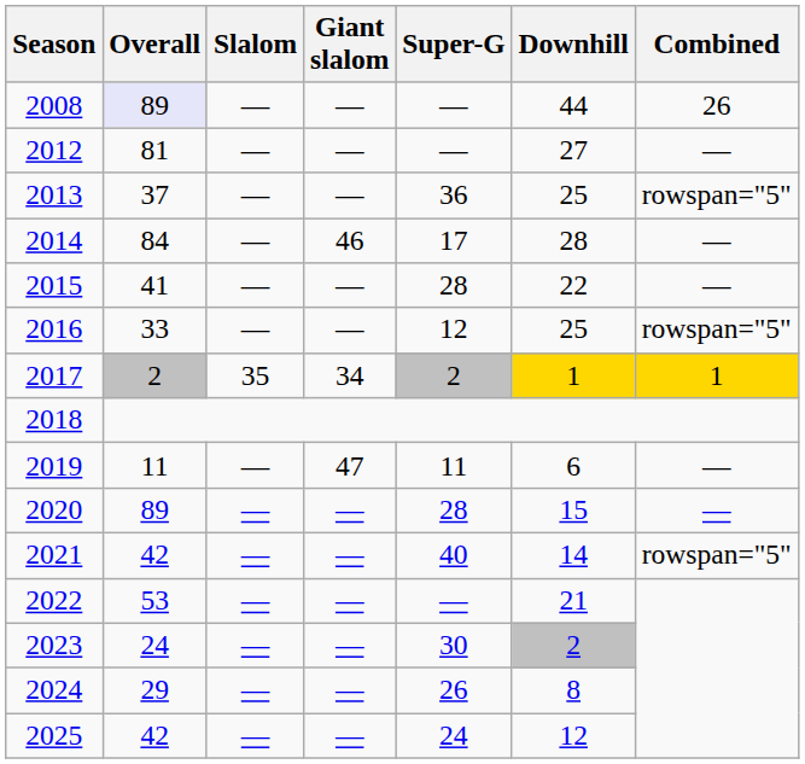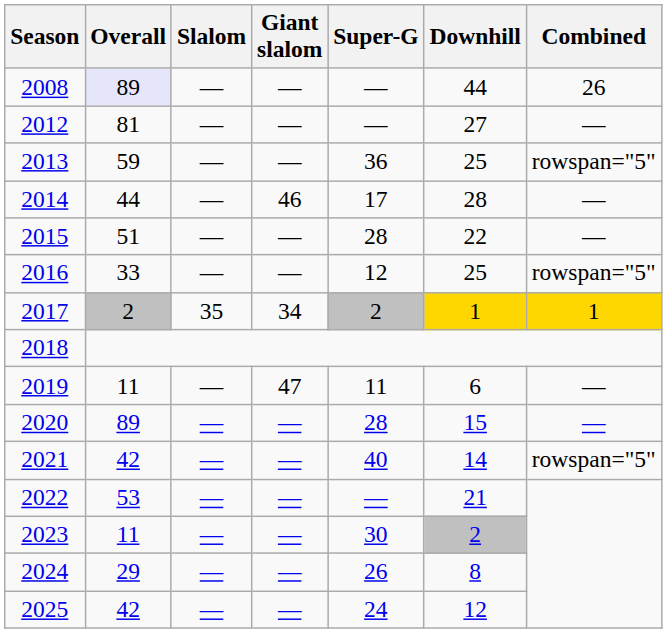 <table class=wikitable style="text-align:center">
 <tr>
 <th>Season</th>
 <th>Overall</th>
 <th>Slalom</th>
 <th>Giant<br>slalom</th>
 <th>Super-G</th>
 <th>Downhill</th>
 <th>Combined</th>
 </tr>
 <tr>
 <td><a href='#'>2008</a></td>
 <td style="background: lavender;">89</td>
 <td>—</td>
 <td>—</td>
 <td>—</td>
 <td>44</td>
 <td>26</td>
 </tr>
 <tr>
 <td><a href='#'>2012</a></td>
 <td>81</td>
 <td>—</td>
 <td>—</td>
 <td>—</td>
 <td>27</td>
 <td>—</td>
 </tr>
 <tr>
 <td><a href='#'>2013</a></td>
-<td>37</td>
+<td>59</td>
 <td>—</td>
 <td>—</td>
 <td>36</td>
 <td>25</td>
 <td>rowspan="5" </td>
 </tr>
 <tr>
 <td><a href='#'>2014</a></td>
-<td>84</td>
+<td>44</td>
 <td>—</td>
 <td>46</td>
 <td>17</td>
 <td>28</td>
 <td>—</td>
 </tr>
 <tr>
 <td><a href='#'>2015</a></td>
-<td>41</td>
+<td>51</td>
 <td>—</td>
 <td>—</td>
 <td>28</td>
 <td>22</td>
 <td>—</td>
 </tr>
 <tr>
 <td><a href='#'>2016</a></td>
 <td>33</td>
 <td>—</td>
 <td>—</td>
 <td>12</td>
 <td>25</td>
 <td>rowspan="5" </td>
 </tr>
 <tr>
 <td><a href='#'>2017</a></td>
 <td style="background:silver;">2</td>
 <td>35</td>
 <td>34</td>
 <td style="background:silver;">2</td>
 <td bgcolor="gold">1</td>
 <td bgcolor="gold">1</td>
 </tr>
 <tr>
 <td><a href='#'>2018</a></td>
 <td colspan=6><em></em></td>
 </tr>
 <tr>
 <td><a href='#'>2019</a></td>
 <td>11</td>
 <td>—</td>
 <td>47</td>
 <td>11</td>
 <td>6</td>
 <td>—</td>
 </tr>
 <tr>
 <td><a href='#'>2020</a></td>
 <td><a href='#'>89</a></td>
 <td><a href='#'>—</a></td>
 <td><a href='#'>—</a></td>
 <td><a href='#'>28</a></td>
 <td><a href='#'>15</a></td>
 <td><a href='#'>—</a></td>
 </tr>
 <tr>
 <td><a href='#'>2021</a></td>
 <td><a href='#'>42</a></td>
 <td><a href='#'>—</a></td>
 <td><a href='#'>—</a></td>
 <td><a href='#'>40</a></td>
 <td><a href='#'>14</a></td>
 <td>rowspan="5" </td>
 </tr>
 <tr>
 <td><a href='#'>2022</a></td>
 <td><a href='#'>53</a></td>
 <td><a href='#'>—</a></td>
 <td><a href='#'>—</a></td>
 <td><a href='#'>—</a></td>
 <td><a href='#'>21</a></td>
 </tr>
 <tr>
 <td><a href='#'>2023</a></td>
-<td><a href='#'>24</a></td>
+<td><a href='#'>11</a></td>
 <td><a href='#'>—</a></td>
 <td><a href='#'>—</a></td>
 <td><a href='#'>30</a></td>
 <td style="background:silver;"><a href='#'>2</a></td>
 </tr>
 <tr>
 <td><a href='#'>2024</a></td>
 <td><a href='#'>29</a></td>
 <td><a href='#'>—</a></td>
 <td><a href='#'>—</a></td>
 <td><a href='#'>26</a></td>
 <td><a href='#'>8</a></td>
 </tr>
 <tr>
 <td><a href='#'>2025</a></td>
 <td><a href='#'>42</a></td>
 <td><a href='#'>—</a></td>
 <td><a href='#'>—</a></td>
 <td><a href='#'>24</a></td>
 <td><a href='#'>12</a></td>
 </tr>
 </table>
